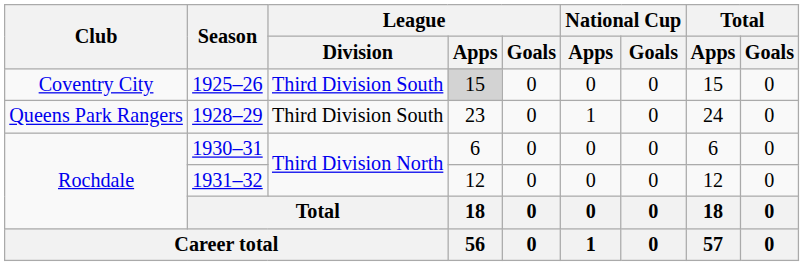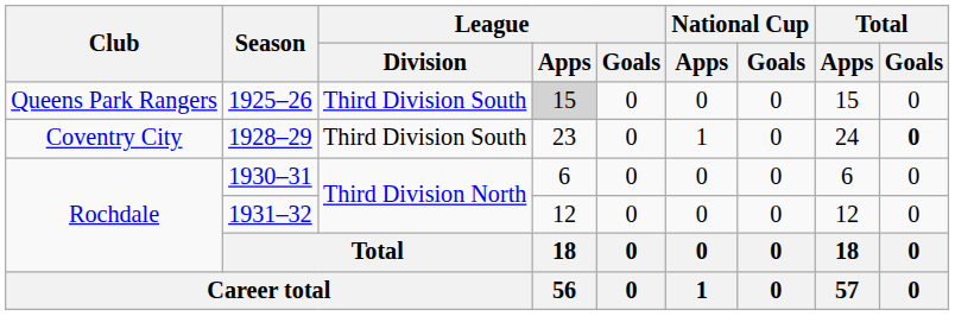 <table class="wikitable" style="text-align: center;">
 <tr>
 <th rowspan="2">Club</th>
 <th rowspan="2">Season</th>
 <th colspan="3">League</th>
 <th colspan="2">National Cup</th>
 <th colspan="2">Total</th>
 </tr>
 <tr>
 <th>Division</th>
 <th>Apps</th>
 <th>Goals</th>
 <th>Apps</th>
 <th>Goals</th>
 <th>Apps</th>
 <th>Goals</th>
 </tr>
 <tr>
-<td><a href='#'>Coventry City</a></td>
+<td><a href='#'>Queens Park Rangers</a></td>
 <td><a href='#'>1925–26</a></td>
 <td><a href='#'>Third Division South</a></td>
 <td style="background: lightgrey;">15</td>
 <td>0</td>
 <td>0</td>
 <td>0</td>
 <td>15</td>
 <td>0</td>
 </tr>
 <tr>
-<td><a href='#'>Queens Park Rangers</a></td>
+<td><a href='#'>Coventry City</a></td>
 <td><a href='#'>1928–29</a></td>
 <td>Third Division South</td>
 <td>23</td>
 <td>0</td>
 <td>1</td>
 <td>0</td>
 <td>24</td>
-<td>0</td>
+<td><strong>0</strong></td>
 </tr>
 <tr>
 <td rowspan="3"><a href='#'>Rochdale</a></td>
 <td><a href='#'>1930–31</a></td>
 <td rowspan="2"><a href='#'>Third Division North</a></td>
 <td>6</td>
 <td>0</td>
 <td>0</td>
 <td>0</td>
 <td>6</td>
 <td>0</td>
 </tr>
 <tr>
 <td><a href='#'>1931–32</a></td>
 <td>12</td>
 <td>0</td>
 <td>0</td>
 <td>0</td>
 <td>12</td>
 <td>0</td>
 </tr>
 <tr>
 <th colspan="2">Total</th>
 <th>18</th>
 <th>0</th>
 <th>0</th>
 <th>0</th>
 <th>18</th>
 <th>0</th>
 </tr>
 <tr>
 <th colspan="3">Career total</th>
 <th>56</th>
 <th>0</th>
 <th>1</th>
 <th>0</th>
 <th>57</th>
 <th>0</th>
 </tr>
 </table>
